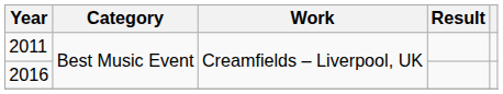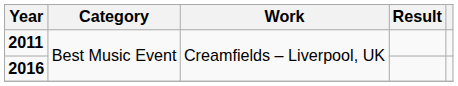 <table class="wikitable">
 <tr>
 <th>Year</th>
 <th>Category</th>
 <th>Work</th>
 <th>Result</th>
 <th></th>
 </tr>
 <tr>
-<td>2011</td>
+<td><strong>2011</strong></td>
 <td rowspan="2">Best Music Event</td>
 <td rowspan="2">Creamfields – Liverpool, UK</td>
 <td></td>
 <td></td>
 </tr>
 <tr>
-<td>2016</td>
+<td><strong>2016</strong></td>
 <td></td>
 <td></td>
 </tr>
 <tr>
 </tr>
 </table>
